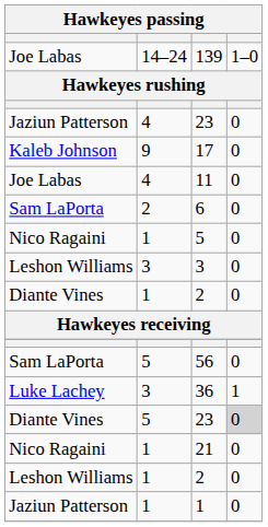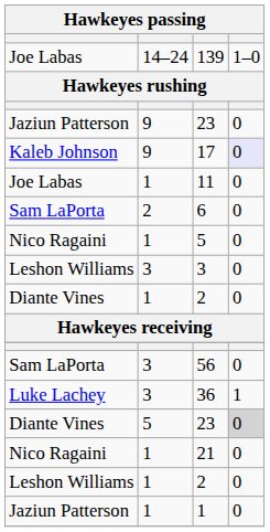 <table class="wikitable plainrowheaders">
 <tr>
 <th colspan="6">Hawkeyes passing</th>
 </tr>
 <tr>
 <th scope="col"></th>
 <th scope="col"></th>
 <th scope="col"></th>
 <th scope="col"></th>
 </tr>
 <tr>
 <td>Joe Labas</td>
 <td>14–24</td>
 <td>139</td>
 <td>1–0</td>
 </tr>
 <tr>
 <th colspan="6">Hawkeyes rushing</th>
 </tr>
 <tr>
 <th scope="col"></th>
 <th scope="col"></th>
 <th scope="col"></th>
 <th scope="col"></th>
 </tr>
 <tr>
 <td>Jaziun Patterson</td>
-<td>4</td>
+<td>9</td>
 <td>23</td>
 <td>0</td>
 </tr>
 <tr>
 <td><a href='#'>Kaleb Johnson</a></td>
 <td>9</td>
 <td>17</td>
-<td>0</td>
+<td style="background: lavender;">0</td>
 </tr>
 <tr>
 <td>Joe Labas</td>
-<td>4</td>
+<td>1</td>
 <td>11</td>
 <td>0</td>
 </tr>
 <tr>
 <td><a href='#'>Sam LaPorta</a></td>
 <td>2</td>
 <td>6</td>
 <td>0</td>
 </tr>
 <tr>
 <td>Nico Ragaini</td>
 <td>1</td>
 <td>5</td>
 <td>0</td>
 </tr>
 <tr>
 <td>Leshon Williams</td>
 <td>3</td>
 <td>3</td>
 <td>0</td>
 </tr>
 <tr>
 <td>Diante Vines</td>
 <td>1</td>
 <td>2</td>
 <td>0</td>
 </tr>
 <tr>
 <th colspan="6">Hawkeyes receiving</th>
 </tr>
 <tr>
 </tr>
 <tr>
 <th scope="col"></th>
 <th scope="col"></th>
 <th scope="col"></th>
 <th scope="col"></th>
 </tr>
 <tr>
 <td>Sam LaPorta</td>
-<td>5</td>
+<td>3</td>
 <td>56</td>
 <td>0</td>
 </tr>
 <tr>
 <td><a href='#'>Luke Lachey</a></td>
 <td>3</td>
 <td>36</td>
 <td>1</td>
 </tr>
 <tr>
 <td>Diante Vines</td>
 <td>5</td>
 <td>23</td>
 <td style="background: lightgrey;">0</td>
 </tr>
 <tr>
 <td>Nico Ragaini</td>
 <td>1</td>
 <td>21</td>
 <td>0</td>
 </tr>
 <tr>
 <td>Leshon Williams</td>
 <td>1</td>
 <td>2</td>
 <td>0</td>
 </tr>
 <tr>
 <td>Jaziun Patterson</td>
 <td>1</td>
 <td>1</td>
 <td>0</td>
 </tr>
 <tr>
 </tr>
 </table>
